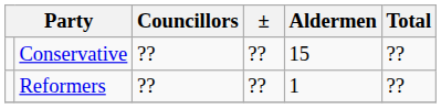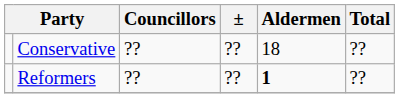 <table class="wikitable">
 <tr>
 <th colspan="2">Party</th>
 <th>Councillors</th>
 <th>  ±  </th>
 <th>Aldermen</th>
 <th>Total</th>
 </tr>
 <tr>
 <td style="background-color: "></td>
 <td><a href='#'>Conservative</a></td>
 <td>??</td>
 <td>??</td>
-<td>15</td>
+<td>18</td>
 <td>??</td>
 </tr>
 <tr>
 <td style="background-color: "></td>
 <td><a href='#'>Reformers</a></td>
 <td>??</td>
 <td>??</td>
-<td>1</td>
+<td><strong>1</strong></td>
 <td>??</td>
 </tr>
 <tr>
 </tr>
 </table>
